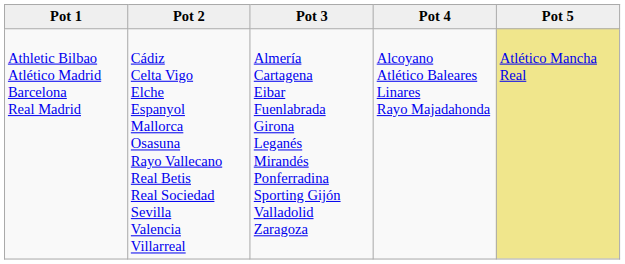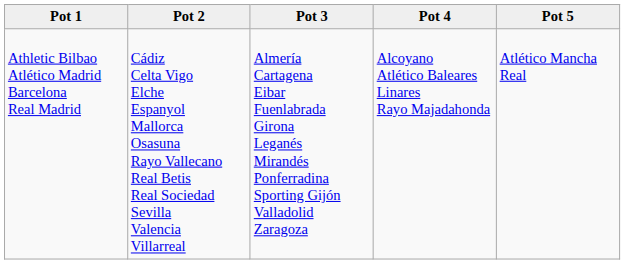 <table class="wikitable" style="font-size:90%">
 <tr bgcolor=#efefef align=center>
 <td width=15%><strong>Pot 1</strong><br></td>
 <td width=15%><strong>Pot 2</strong><br></td>
 <td width=15%><strong>Pot 3</strong><br></td>
 <td width=15%><strong>Pot 4</strong><br></td>
 <td width=15%><strong>Pot 5</strong><br></td>
 </tr>
 <tr valign=top>
 <td><br><a href='#'>Athletic Bilbao</a><br> <a href='#'>Atlético Madrid</a><br> <a href='#'>Barcelona</a><br> <a href='#'>Real Madrid</a></td>
 <td><br><a href='#'>Cádiz</a><br> <a href='#'>Celta Vigo</a><br> <a href='#'>Elche</a><br> <a href='#'>Espanyol</a><br> <a href='#'>Mallorca</a><br> <a href='#'>Osasuna</a><br> <a href='#'>Rayo Vallecano</a><br> <a href='#'>Real Betis</a><br> <a href='#'>Real Sociedad</a><br> <a href='#'>Sevilla</a><br> <a href='#'>Valencia</a><br> <a href='#'>Villarreal</a></td>
 <td><br><a href='#'>Almería</a><br> <a href='#'>Cartagena</a><br> <a href='#'>Eibar</a><br> <a href='#'>Fuenlabrada</a><br> <a href='#'>Girona</a><br> <a href='#'>Leganés</a><br> <a href='#'>Mirandés</a><br> <a href='#'>Ponferradina</a><br> <a href='#'>Sporting Gijón</a><br> <a href='#'>Valladolid</a><br> <a href='#'>Zaragoza</a></td>
 <td><br><a href='#'>Alcoyano</a><br> <a href='#'>Atlético Baleares</a><br> <a href='#'>Linares</a><br> <a href='#'>Rayo Majadahonda</a></td>
-<td style="background: khaki;"><br><a href='#'>Atlético Mancha Real</a></td>
+<td><br><a href='#'>Atlético Mancha Real</a></td>
 </tr>
 </table>
